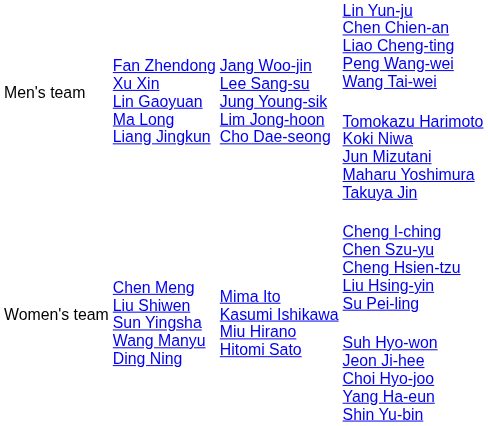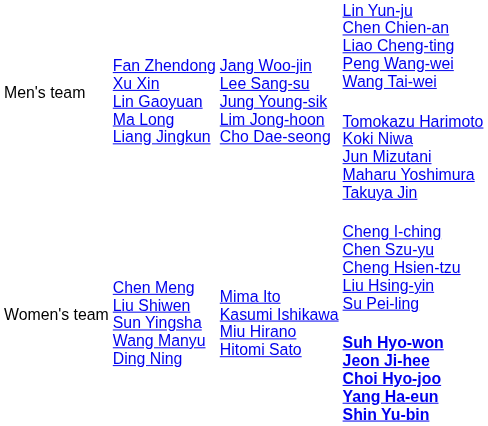 <table>
 <tr>
 <td rowspan=2>Men's team<br></td>
 <td rowspan=2><br><a href='#'>Fan Zhendong</a><br><a href='#'>Xu Xin</a><br><a href='#'>Lin Gaoyuan</a><br><a href='#'>Ma Long</a><br><a href='#'>Liang Jingkun</a></td>
 <td rowspan=2><br><a href='#'>Jang Woo-jin</a><br><a href='#'>Lee Sang-su</a><br><a href='#'>Jung Young-sik</a><br><a href='#'>Lim Jong-hoon</a><br><a href='#'>Cho Dae-seong</a></td>
 <td><br><a href='#'>Lin Yun-ju</a><br><a href='#'>Chen Chien-an</a><br><a href='#'>Liao Cheng-ting</a><br><a href='#'>Peng Wang-wei</a><br><a href='#'>Wang Tai-wei</a></td>
 </tr>
 <tr>
 <td><br><a href='#'>Tomokazu Harimoto</a><br><a href='#'>Koki Niwa</a><br><a href='#'>Jun Mizutani</a><br><a href='#'>Maharu Yoshimura</a><br><a href='#'>Takuya Jin</a></td>
 </tr>
 <tr>
 <td rowspan=2>Women's team<br></td>
 <td rowspan=2><br><a href='#'>Chen Meng</a><br><a href='#'>Liu Shiwen</a><br><a href='#'>Sun Yingsha</a><br><a href='#'>Wang Manyu</a><br><a href='#'>Ding Ning</a></td>
 <td rowspan=2><br><a href='#'>Mima Ito</a><br><a href='#'>Kasumi Ishikawa</a><br><a href='#'>Miu Hirano</a><br><a href='#'>Hitomi Sato</a></td>
 <td><br><a href='#'>Cheng I-ching</a><br><a href='#'>Chen Szu-yu</a><br><a href='#'>Cheng Hsien-tzu</a><br><a href='#'>Liu Hsing-yin</a><br><a href='#'>Su Pei-ling</a></td>
 </tr>
 <tr>
-<td><br><a href='#'>Suh Hyo-won</a><br><a href='#'>Jeon Ji-hee</a><br><a href='#'>Choi Hyo-joo</a><br><a href='#'>Yang Ha-eun</a><br><a href='#'>Shin Yu-bin</a></td>
+<td><strong><br><a href='#'>Suh Hyo-won</a><br><a href='#'>Jeon Ji-hee</a><br><a href='#'>Choi Hyo-joo</a><br><a href='#'>Yang Ha-eun</a><br><a href='#'>Shin Yu-bin</a></strong></td>
 </tr>
 </table>
